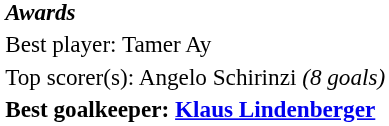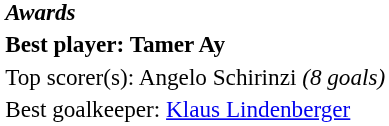 <table width=100% cellspacing=1 style="font-size: 90%;">
 <tr>
 <td><strong><em>Awards</em></strong></td>
 </tr>
 <tr>
-<td>Best player:  Tamer Ay</td>
+<td><strong>Best player:  Tamer Ay</strong></td>
 </tr>
 <tr>
 <td colspan=4>Top scorer(s):  Angelo Schirinzi <em>(8 goals)</em></td>
 </tr>
 <tr>
-<td><strong>Best goalkeeper:  <a href='#'>Klaus Lindenberger</a></strong></td>
+<td>Best goalkeeper:  <a href='#'>Klaus Lindenberger</a></td>
 </tr>
 </table>
